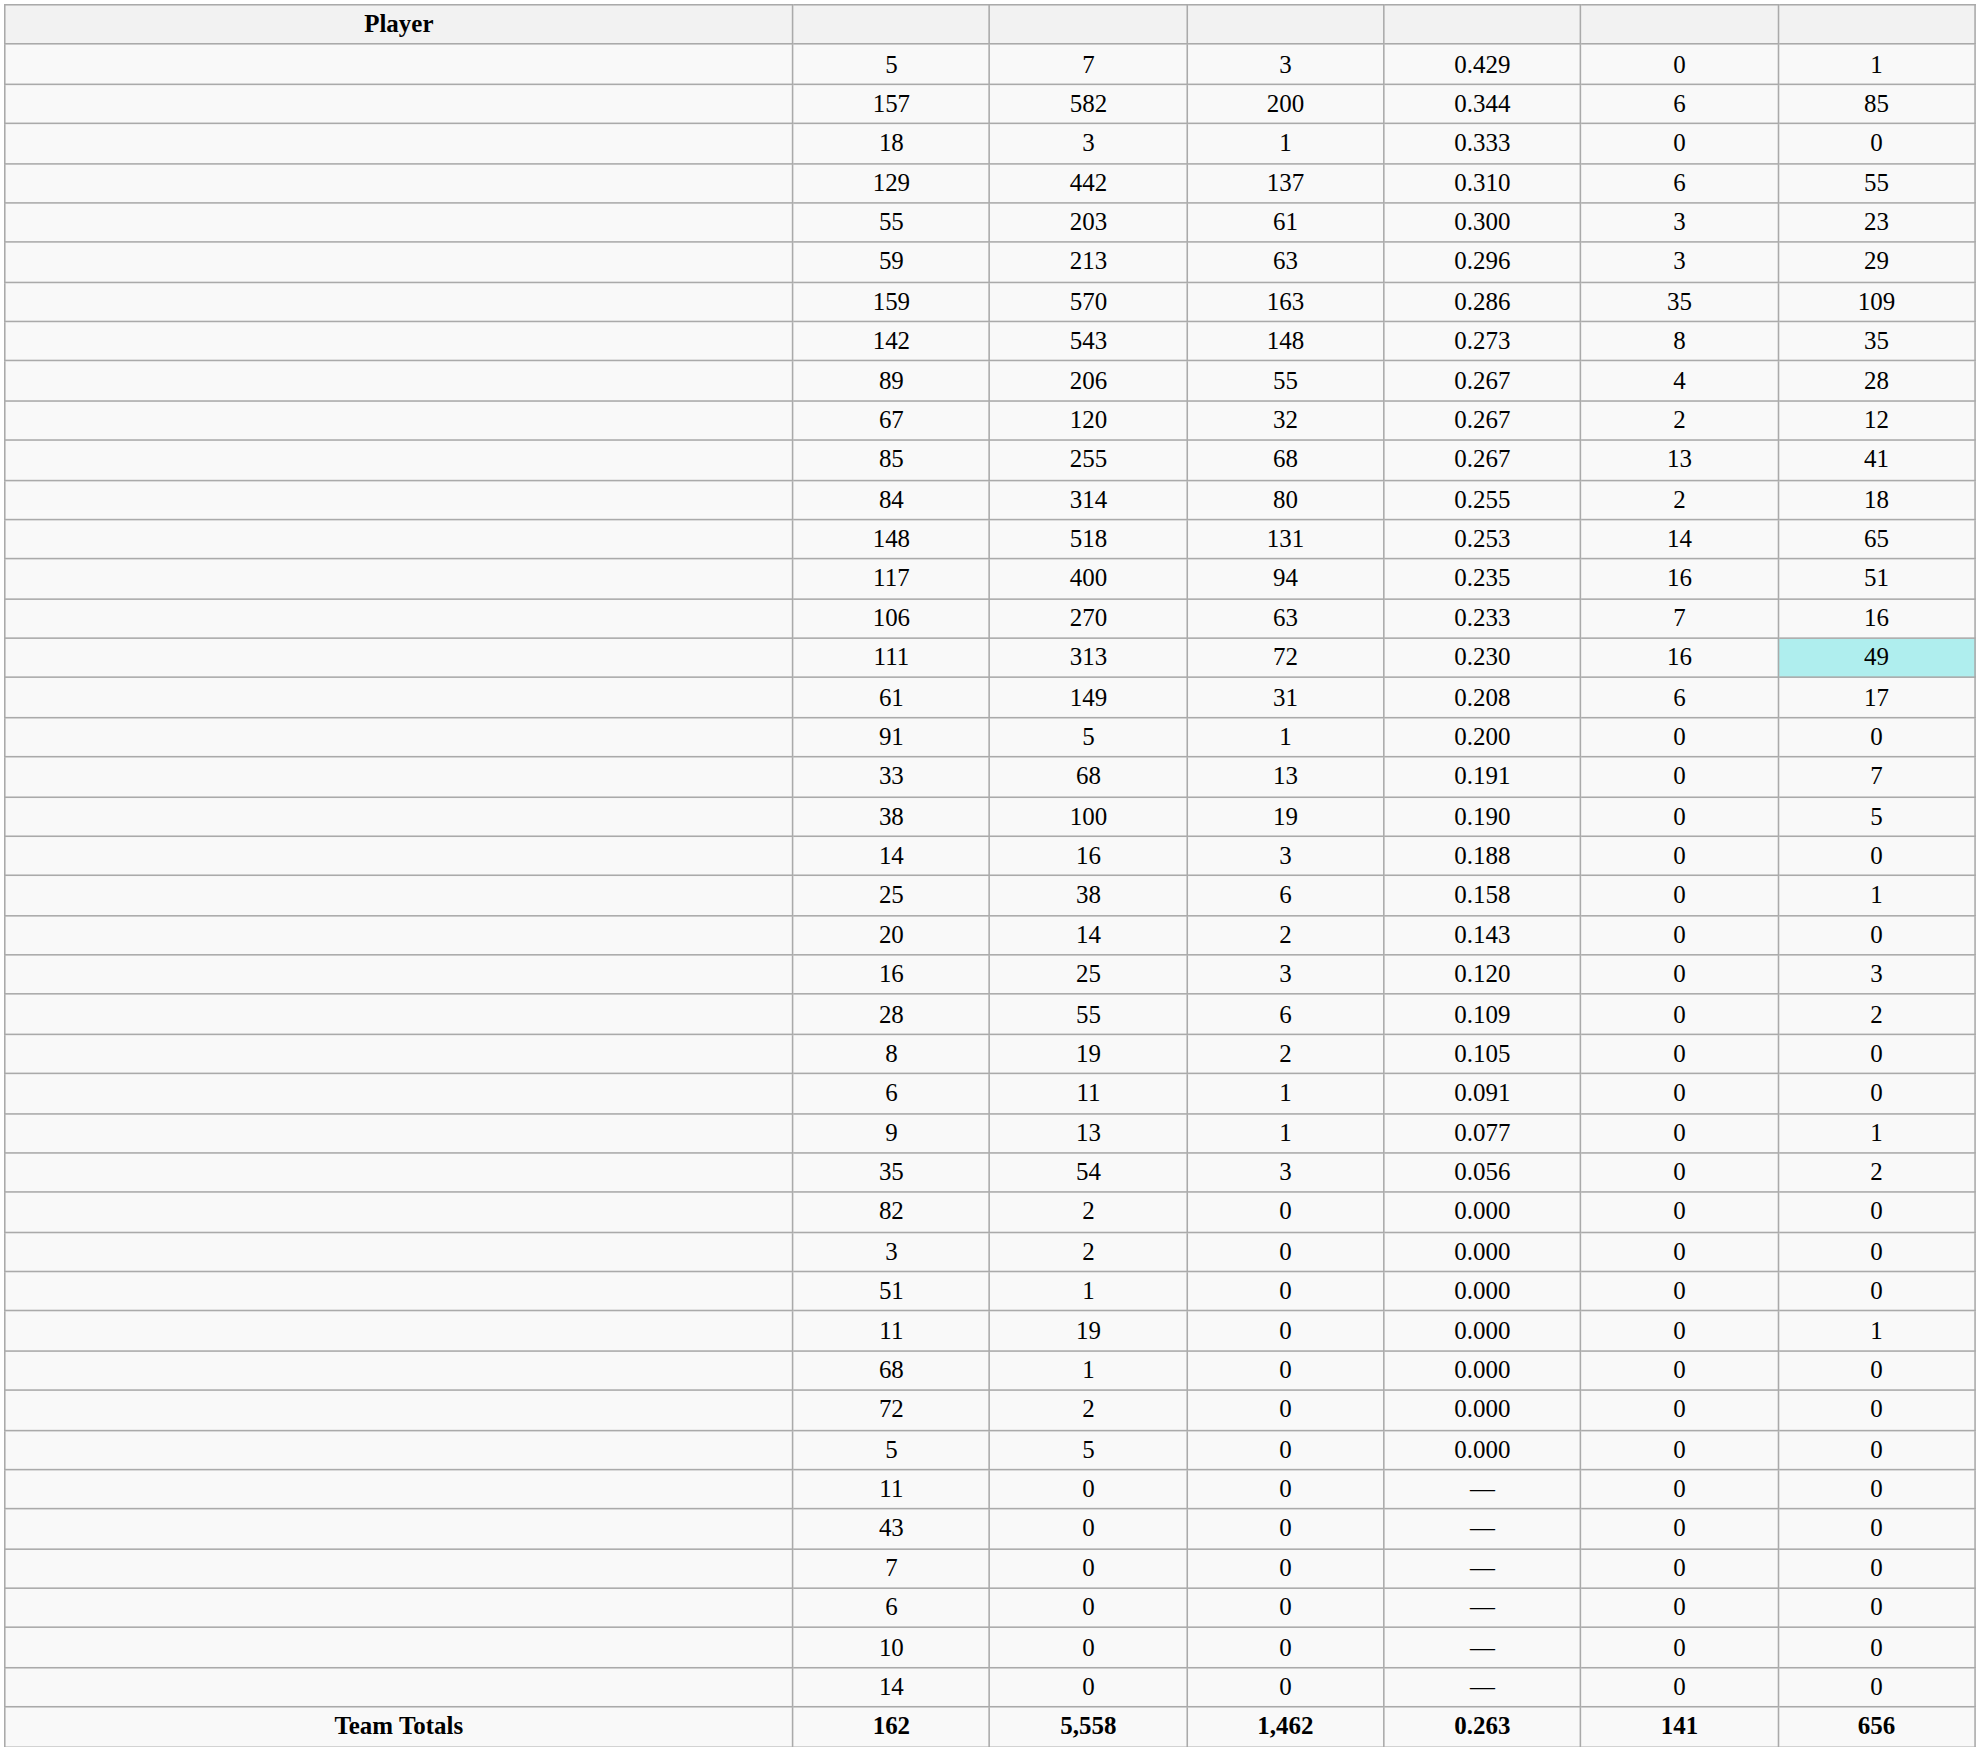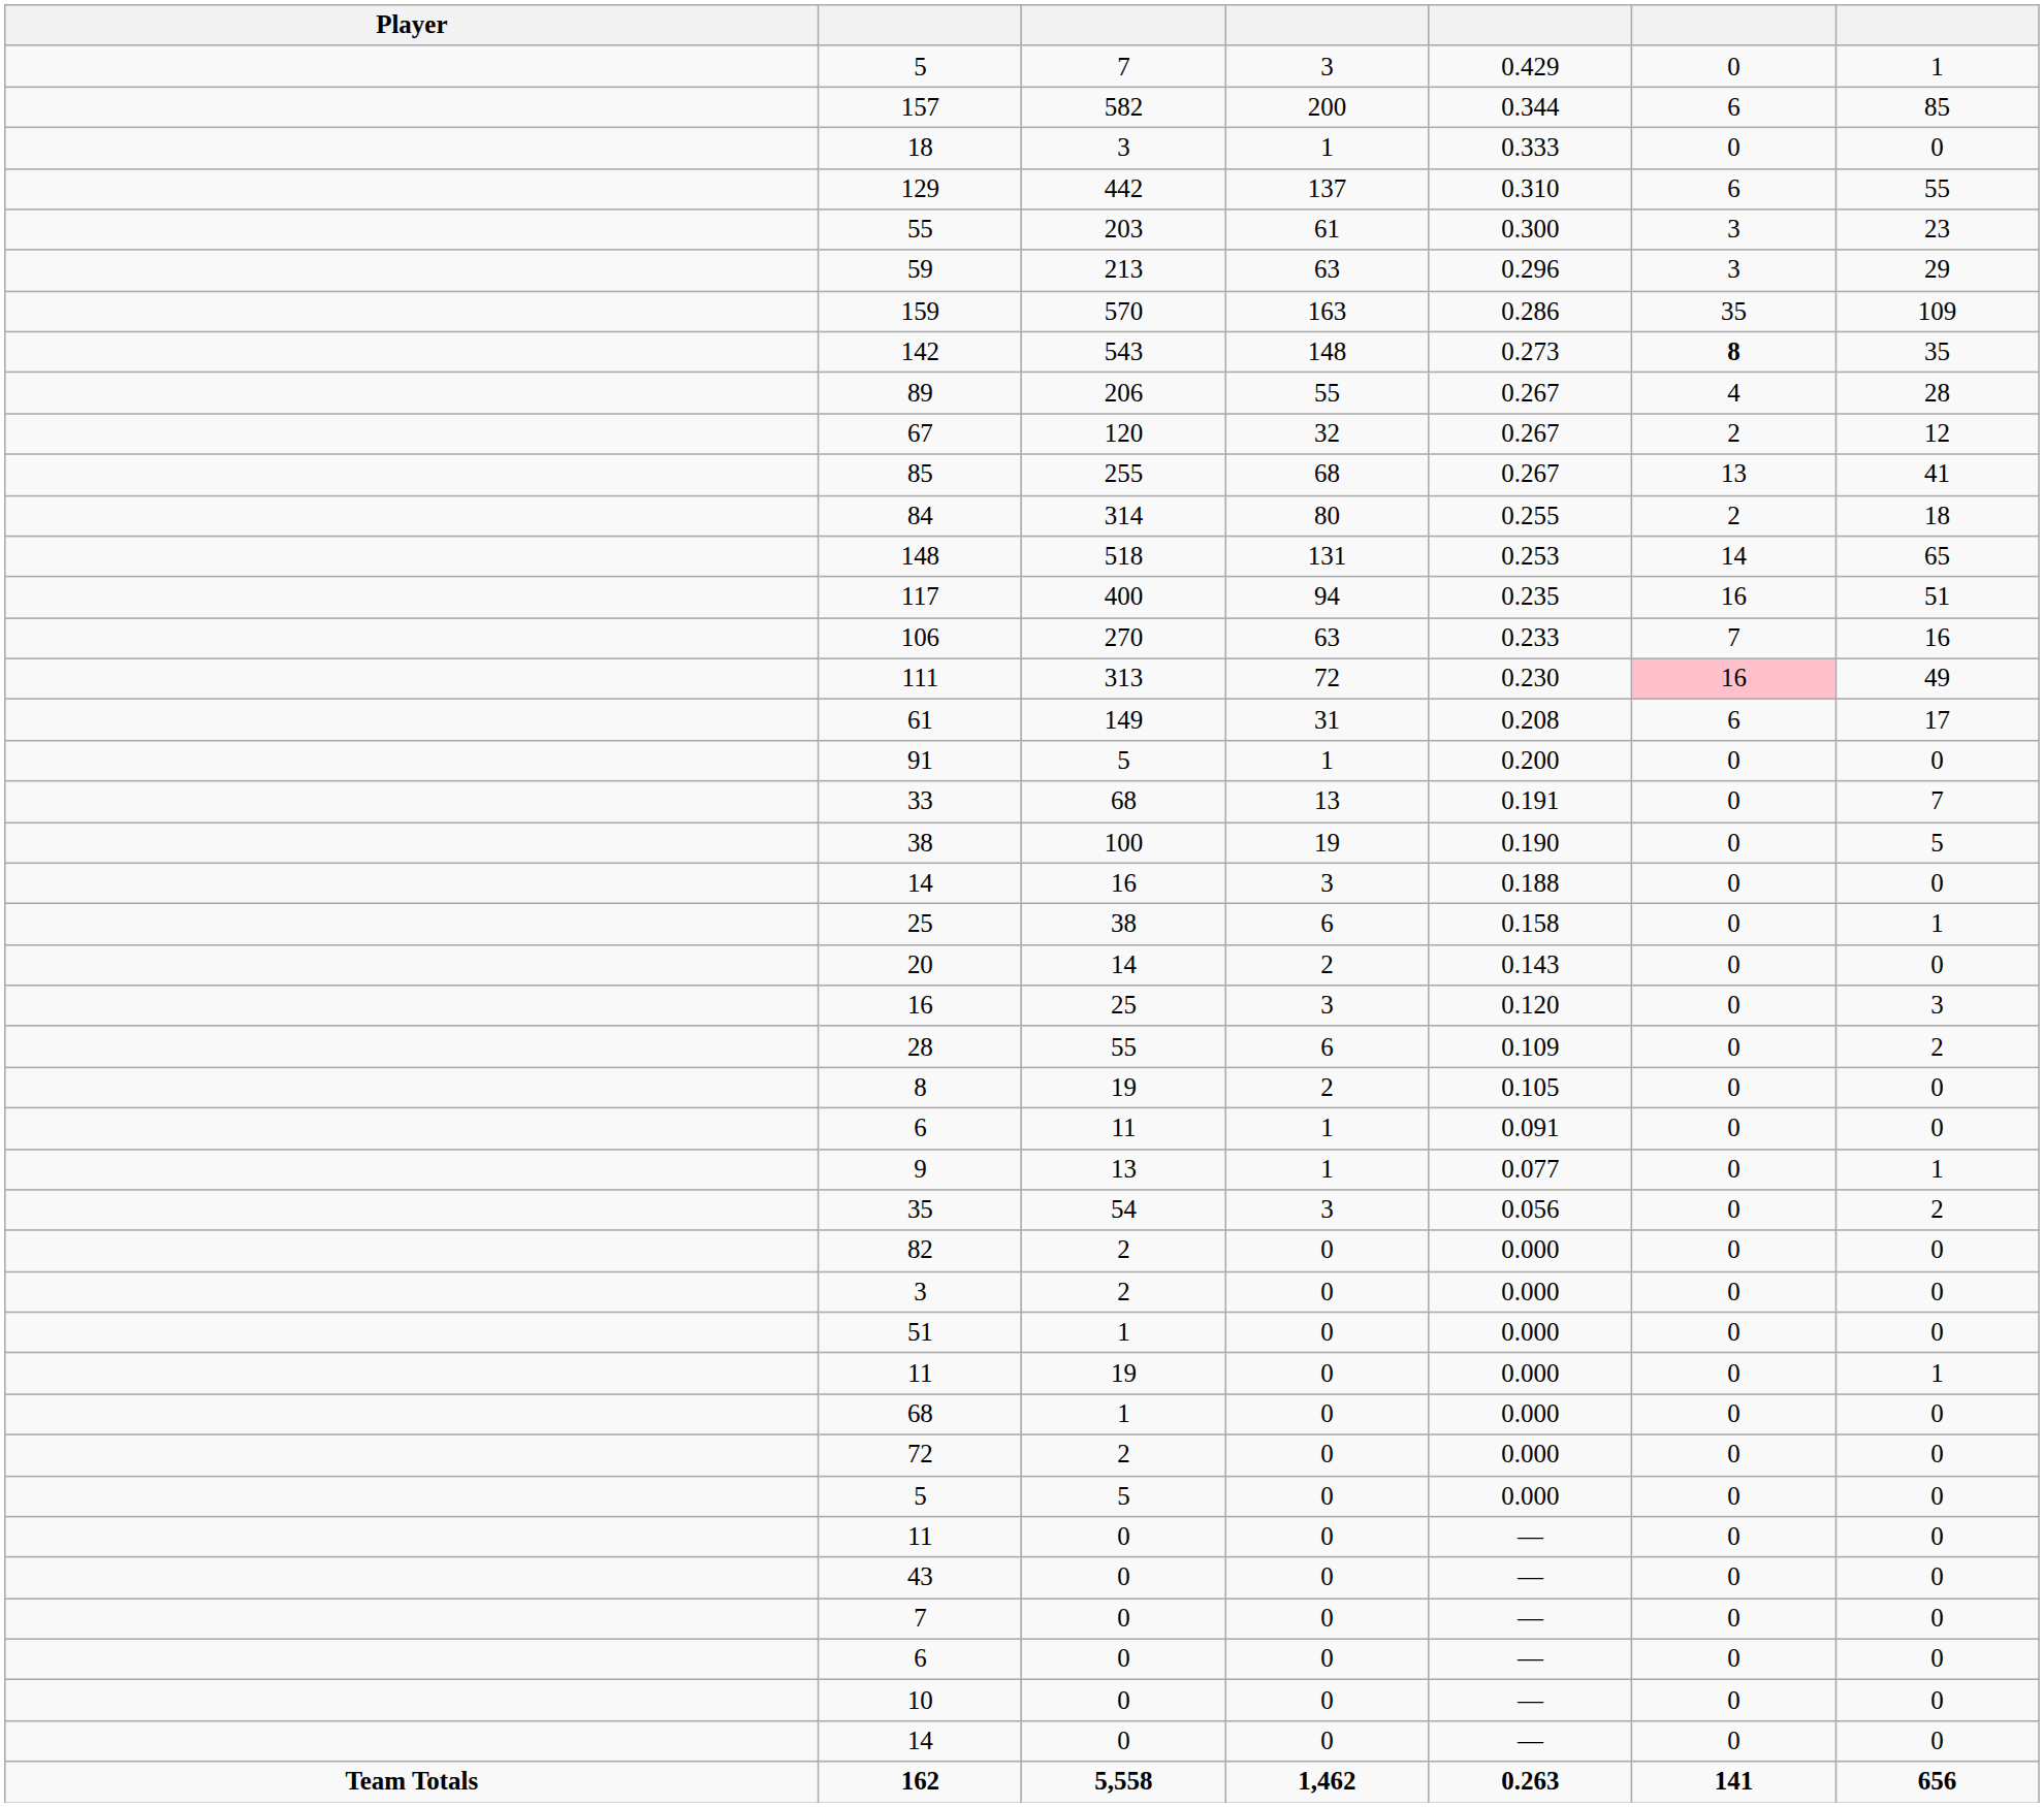 <table class="wikitable sortable" style="text-align:center;" width="100%">
 <tr>
 <th width="40%">Player</th>
 <th width="10%"></th>
 <th width="10%"></th>
 <th width="10%"></th>
 <th width="10%"></th>
 <th width="10%"></th>
 <th width="10%"></th>
 </tr>
 <tr>
 <td></td>
 <td>5</td>
 <td>7</td>
 <td>3</td>
 <td>0.429</td>
 <td>0</td>
 <td>1</td>
 </tr>
 <tr>
 <td></td>
 <td>157</td>
 <td>582</td>
 <td>200</td>
 <td>0.344</td>
 <td>6</td>
 <td>85</td>
 </tr>
 <tr>
 <td></td>
 <td>18</td>
 <td>3</td>
 <td>1</td>
 <td>0.333</td>
 <td>0</td>
 <td>0</td>
 </tr>
 <tr>
 <td></td>
 <td>129</td>
 <td>442</td>
 <td>137</td>
 <td>0.310</td>
 <td>6</td>
 <td>55</td>
 </tr>
 <tr>
 <td></td>
 <td>55</td>
 <td>203</td>
 <td>61</td>
 <td>0.300</td>
 <td>3</td>
 <td>23</td>
 </tr>
 <tr>
 <td></td>
 <td>59</td>
 <td>213</td>
 <td>63</td>
 <td>0.296</td>
 <td>3</td>
 <td>29</td>
 </tr>
 <tr>
 <td></td>
 <td>159</td>
 <td>570</td>
 <td>163</td>
 <td>0.286</td>
 <td>35</td>
 <td>109</td>
 </tr>
 <tr>
 <td></td>
 <td>142</td>
 <td>543</td>
 <td>148</td>
 <td>0.273</td>
-<td>8</td>
+<td><strong>8</strong></td>
 <td>35</td>
 </tr>
 <tr>
 <td></td>
 <td>89</td>
 <td>206</td>
 <td>55</td>
 <td>0.267</td>
 <td>4</td>
 <td>28</td>
 </tr>
 <tr>
 <td></td>
 <td>67</td>
 <td>120</td>
 <td>32</td>
 <td>0.267</td>
 <td>2</td>
 <td>12</td>
 </tr>
 <tr>
 <td></td>
 <td>85</td>
 <td>255</td>
 <td>68</td>
 <td>0.267</td>
 <td>13</td>
 <td>41</td>
 </tr>
 <tr>
 <td></td>
 <td>84</td>
 <td>314</td>
 <td>80</td>
 <td>0.255</td>
 <td>2</td>
 <td>18</td>
 </tr>
 <tr>
 <td></td>
 <td>148</td>
 <td>518</td>
 <td>131</td>
 <td>0.253</td>
 <td>14</td>
 <td>65</td>
 </tr>
 <tr>
 <td></td>
 <td>117</td>
 <td>400</td>
 <td>94</td>
 <td>0.235</td>
 <td>16</td>
 <td>51</td>
 </tr>
 <tr>
 <td></td>
 <td>106</td>
 <td>270</td>
 <td>63</td>
 <td>0.233</td>
 <td>7</td>
 <td>16</td>
 </tr>
 <tr>
 <td></td>
 <td>111</td>
 <td>313</td>
 <td>72</td>
 <td>0.230</td>
-<td>16</td>
-<td style="background: paleturquoise;">49</td>
+<td style="background: pink;">16</td>
+<td>49</td>
 </tr>
 <tr>
 <td></td>
 <td>61</td>
 <td>149</td>
 <td>31</td>
 <td>0.208</td>
 <td>6</td>
 <td>17</td>
 </tr>
 <tr>
 <td></td>
 <td>91</td>
 <td>5</td>
 <td>1</td>
 <td>0.200</td>
 <td>0</td>
 <td>0</td>
 </tr>
 <tr>
 <td></td>
 <td>33</td>
 <td>68</td>
 <td>13</td>
 <td>0.191</td>
 <td>0</td>
 <td>7</td>
 </tr>
 <tr>
 <td></td>
 <td>38</td>
 <td>100</td>
 <td>19</td>
 <td>0.190</td>
 <td>0</td>
 <td>5</td>
 </tr>
 <tr>
 <td></td>
 <td>14</td>
 <td>16</td>
 <td>3</td>
 <td>0.188</td>
 <td>0</td>
 <td>0</td>
 </tr>
 <tr>
 <td></td>
 <td>25</td>
 <td>38</td>
 <td>6</td>
 <td>0.158</td>
 <td>0</td>
 <td>1</td>
 </tr>
 <tr>
 <td></td>
 <td>20</td>
 <td>14</td>
 <td>2</td>
 <td>0.143</td>
 <td>0</td>
 <td>0</td>
 </tr>
 <tr>
 <td></td>
 <td>16</td>
 <td>25</td>
 <td>3</td>
 <td>0.120</td>
 <td>0</td>
 <td>3</td>
 </tr>
 <tr>
 <td></td>
 <td>28</td>
 <td>55</td>
 <td>6</td>
 <td>0.109</td>
 <td>0</td>
 <td>2</td>
 </tr>
 <tr>
 <td></td>
 <td>8</td>
 <td>19</td>
 <td>2</td>
 <td>0.105</td>
 <td>0</td>
 <td>0</td>
 </tr>
 <tr>
 <td></td>
 <td>6</td>
 <td>11</td>
 <td>1</td>
 <td>0.091</td>
 <td>0</td>
 <td>0</td>
 </tr>
 <tr>
 <td></td>
 <td>9</td>
 <td>13</td>
 <td>1</td>
 <td>0.077</td>
 <td>0</td>
 <td>1</td>
 </tr>
 <tr>
 <td></td>
 <td>35</td>
 <td>54</td>
 <td>3</td>
 <td>0.056</td>
 <td>0</td>
 <td>2</td>
 </tr>
 <tr>
 <td></td>
 <td>82</td>
 <td>2</td>
 <td>0</td>
 <td>0.000</td>
 <td>0</td>
 <td>0</td>
 </tr>
 <tr>
 <td></td>
 <td>3</td>
 <td>2</td>
 <td>0</td>
 <td>0.000</td>
 <td>0</td>
 <td>0</td>
 </tr>
 <tr>
 <td></td>
 <td>51</td>
 <td>1</td>
 <td>0</td>
 <td>0.000</td>
 <td>0</td>
 <td>0</td>
 </tr>
 <tr>
 <td></td>
 <td>11</td>
 <td>19</td>
 <td>0</td>
 <td>0.000</td>
 <td>0</td>
 <td>1</td>
 </tr>
 <tr>
 <td></td>
 <td>68</td>
 <td>1</td>
 <td>0</td>
 <td>0.000</td>
 <td>0</td>
 <td>0</td>
 </tr>
 <tr>
 <td></td>
 <td>72</td>
 <td>2</td>
 <td>0</td>
 <td>0.000</td>
 <td>0</td>
 <td>0</td>
 </tr>
 <tr>
 <td></td>
 <td>5</td>
 <td>5</td>
 <td>0</td>
 <td>0.000</td>
 <td>0</td>
 <td>0</td>
 </tr>
 <tr>
 <td></td>
 <td>11</td>
 <td>0</td>
 <td>0</td>
 <td>—</td>
 <td>0</td>
 <td>0</td>
 </tr>
 <tr>
 <td></td>
 <td>43</td>
 <td>0</td>
 <td>0</td>
 <td>—</td>
 <td>0</td>
 <td>0</td>
 </tr>
 <tr>
 <td></td>
 <td>7</td>
 <td>0</td>
 <td>0</td>
 <td>—</td>
 <td>0</td>
 <td>0</td>
 </tr>
 <tr>
 <td></td>
 <td>6</td>
 <td>0</td>
 <td>0</td>
 <td>—</td>
 <td>0</td>
 <td>0</td>
 </tr>
 <tr>
 <td></td>
 <td>10</td>
 <td>0</td>
 <td>0</td>
 <td>—</td>
 <td>0</td>
 <td>0</td>
 </tr>
 <tr>
 <td></td>
 <td>14</td>
 <td>0</td>
 <td>0</td>
 <td>—</td>
 <td>0</td>
 <td>0</td>
 </tr>
 <tr>
 <td><strong>Team Totals</strong></td>
 <td><strong>162</strong></td>
 <td><strong>5,558</strong></td>
 <td><strong>1,462</strong></td>
 <td><strong>0.263</strong></td>
 <td><strong>141</strong></td>
 <td><strong>656</strong></td>
 </tr>
 </table>
